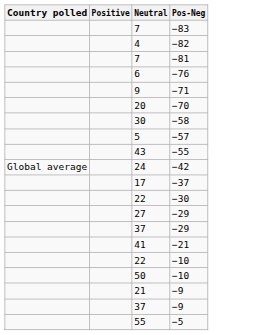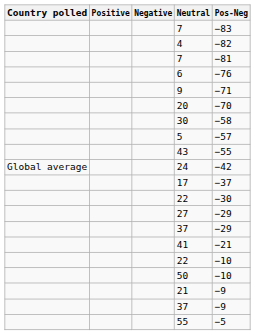 <table class=wikitable style="border:1px black; margin-left:1em; display:inline-table">
 <tr>
 <th>Country polled</th>
 <th><small>Positive</small></th>
+<th><small>Negative</small></th>
 <th><small>Neutral</small></th>
 <th><small>Pos-Neg</small></th>
 </tr>
 <tr>
+<td></td>
 <td></td>
 <td></td>
 <td>7</td>
 <td><span> −83</span></td>
 </tr>
 <tr>
 <td></td>
 <td></td>
+<td></td>
 <td>4</td>
 <td><span> −82</span></td>
 </tr>
 <tr>
+<td></td>
 <td></td>
 <td></td>
 <td>7</td>
 <td><span> −81</span></td>
 </tr>
 <tr>
 <td></td>
 <td></td>
+<td></td>
 <td>6</td>
 <td><span> −76</span></td>
 </tr>
 <tr>
+<td></td>
 <td></td>
 <td></td>
 <td>9</td>
 <td><span> −71</span></td>
 </tr>
 <tr>
 <td></td>
 <td></td>
+<td></td>
 <td>20</td>
 <td><span> −70</span></td>
 </tr>
 <tr>
+<td></td>
 <td></td>
 <td></td>
 <td>30</td>
 <td><span> −58</span></td>
 </tr>
 <tr>
 <td></td>
 <td></td>
+<td></td>
 <td>5</td>
 <td><span> −57</span></td>
 </tr>
 <tr>
+<td></td>
 <td></td>
 <td></td>
 <td>43</td>
 <td><span> −55</span></td>
 </tr>
 <tr>
 <td>Global average</td>
 <td></td>
+<td></td>
 <td>24</td>
 <td><span> −42</span></td>
 </tr>
 <tr>
+<td></td>
 <td></td>
 <td></td>
 <td>17</td>
 <td><span> −37</span></td>
 </tr>
 <tr>
 <td></td>
 <td></td>
+<td></td>
 <td>22</td>
 <td><span> −30</span></td>
 </tr>
 <tr>
+<td></td>
 <td></td>
 <td></td>
 <td>27</td>
 <td><span> −29</span></td>
 </tr>
 <tr>
 <td></td>
 <td></td>
+<td></td>
 <td>37</td>
 <td><span> −29</span></td>
 </tr>
 <tr>
+<td></td>
 <td></td>
 <td></td>
 <td>41</td>
 <td><span> −21</span></td>
 </tr>
 <tr>
 <td></td>
 <td></td>
+<td></td>
 <td>22</td>
 <td><span> −10</span></td>
 </tr>
 <tr>
+<td></td>
 <td></td>
 <td></td>
 <td>50</td>
 <td><span> −10</span></td>
 </tr>
 <tr>
 <td></td>
 <td></td>
+<td></td>
 <td>21</td>
 <td><span> −9</span></td>
 </tr>
 <tr>
+<td></td>
 <td></td>
 <td></td>
 <td>37</td>
 <td><span> −9</span></td>
 </tr>
 <tr>
 <td></td>
 <td></td>
+<td></td>
 <td>55</td>
 <td><span> −5</span></td>
 </tr>
 </table>
